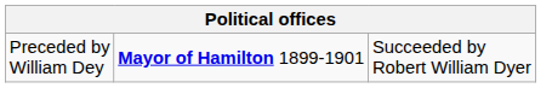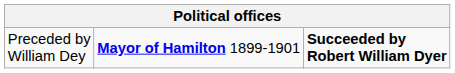 <table class="wikitable">
 <tr>
 <th colspan="3">Political offices</th>
 </tr>
 <tr>
 <td rowspan="1">Preceded by<br>William Dey</td>
 <td rowspan="1"><strong><a href='#'>Mayor of Hamilton</a></strong> 1899-1901</td>
-<td rowspan="1">Succeeded by<br>Robert William Dyer</td>
+<td rowspan="1"><strong>Succeeded by<br>Robert William Dyer</strong></td>
 </tr>
 </table>
